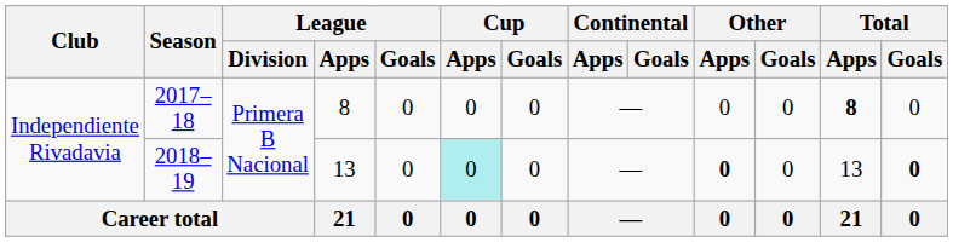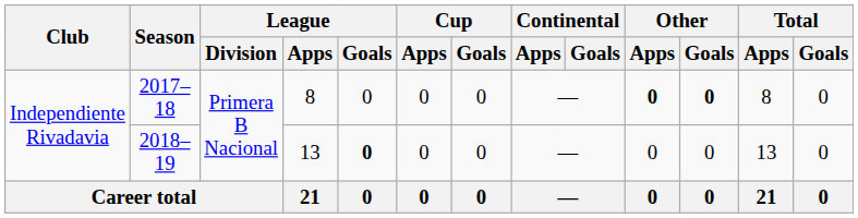 <table class="wikitable" style="text-align:center">
 <tr>
 <th rowspan="2">Club</th>
 <th rowspan="2">Season</th>
 <th colspan="3">League</th>
 <th colspan="2">Cup</th>
 <th colspan="2">Continental</th>
 <th colspan="2">Other</th>
 <th colspan="2">Total</th>
 </tr>
 <tr>
 <th>Division</th>
 <th>Apps</th>
 <th>Goals</th>
 <th>Apps</th>
 <th>Goals</th>
 <th>Apps</th>
 <th>Goals</th>
 <th>Apps</th>
 <th>Goals</th>
 <th>Apps</th>
 <th>Goals</th>
 </tr>
 <tr>
 <td rowspan="2"><a href='#'>Independiente Rivadavia</a></td>
 <td><a href='#'>2017–18</a></td>
 <td rowspan="2"><a href='#'>Primera B Nacional</a></td>
 <td>8</td>
 <td>0</td>
 <td>0</td>
 <td>0</td>
 <td colspan="2">—</td>
-<td>0</td>
-<td>0</td>
-<td><strong>8</strong></td>
+<td><strong>0</strong></td>
+<td><strong>0</strong></td>
+<td>8</td>
 <td>0</td>
 </tr>
 <tr>
 <td><a href='#'>2018–19</a></td>
 <td>13</td>
+<td><strong>0</strong></td>
 <td>0</td>
-<td style="background: paleturquoise;">0</td>
 <td>0</td>
 <td colspan="2">—</td>
-<td><strong>0</strong></td>
+<td>0</td>
 <td>0</td>
 <td>13</td>
-<td><strong>0</strong></td>
+<td>0</td>
 </tr>
 <tr>
 <th colspan="3">Career total</th>
 <th>21</th>
 <th>0</th>
 <th>0</th>
 <th>0</th>
 <th colspan="2">—</th>
 <th>0</th>
 <th>0</th>
 <th>21</th>
 <th>0</th>
 </tr>
 </table>
